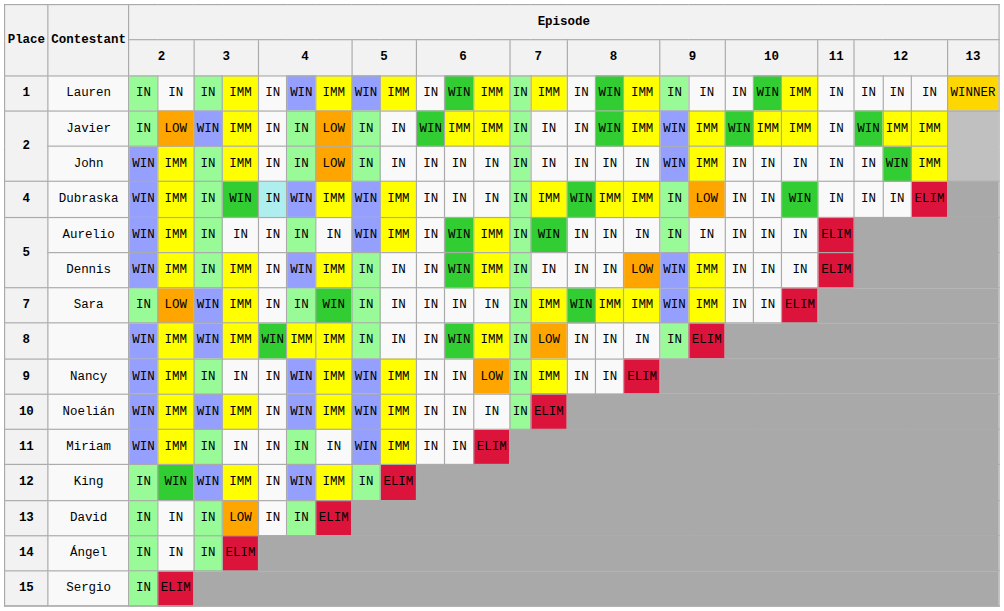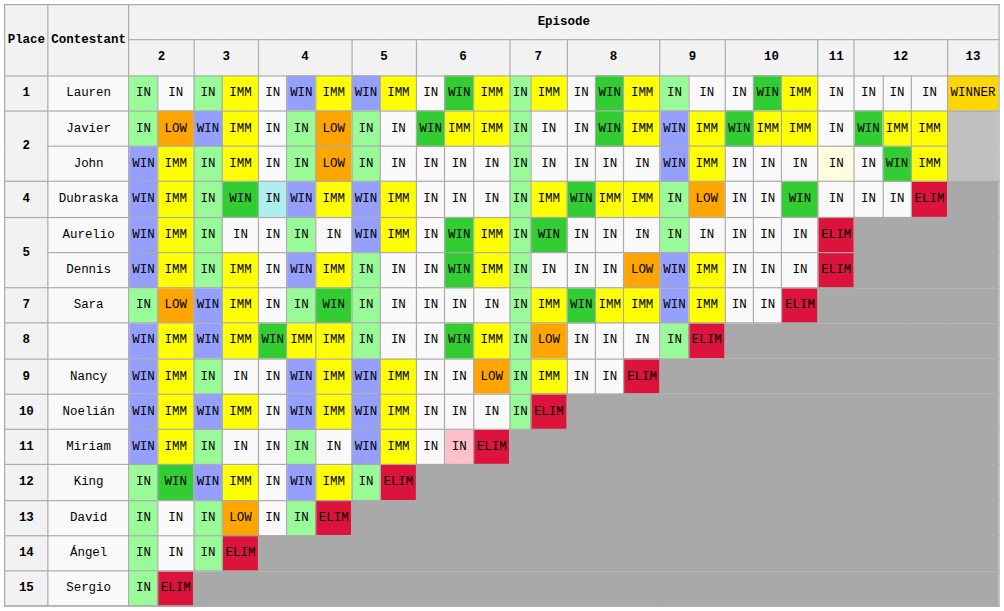 <table class="wikitable" style="text-align: center; font-size: 8pt; line-height:25px;">
 <tr>
 <th rowspan="2">Place</th>
 <th rowspan="2">Contestant</th>
 <th colspan="27">Episode</th>
 </tr>
 <tr>
 <th colspan="2">2</th>
 <th colspan="2">3</th>
 <th colspan="3">4</th>
 <th colspan="2">5</th>
 <th colspan="3">6</th>
 <th colspan="2">7</th>
 <th colspan="3">8</th>
 <th colspan="2">9</th>
 <th colspan="3">10</th>
 <th>11</th>
 <th colspan="3">12</th>
 <th>13</th>
 </tr>
 <tr>
 <th>1</th>
 <td>Lauren</td>
 <td style="background:palegreen;">IN</td>
 <td>IN</td>
 <td style="background:palegreen;">IN</td>
 <td style="background:yellow;">IMM</td>
 <td>IN</td>
 <td style="background:#959FFD;">WIN</td>
 <td style="background:yellow;">IMM</td>
 <td style="background:#959FFD;">WIN</td>
 <td style="background:yellow;">IMM</td>
 <td>IN</td>
 <td style="background:limegreen;">WIN</td>
 <td style="background:yellow;">IMM</td>
 <td style="background:palegreen;">IN</td>
 <td style="background:yellow;">IMM</td>
 <td>IN</td>
 <td style="background:limegreen;">WIN</td>
 <td style="background:yellow;">IMM</td>
 <td style="background:palegreen;">IN</td>
 <td>IN</td>
 <td>IN</td>
 <td style="background:limegreen;">WIN</td>
 <td style="background:yellow;">IMM</td>
 <td>IN</td>
 <td>IN</td>
 <td>IN</td>
 <td>IN</td>
 <td style="background:gold;">WINNER</td>
 </tr>
 <tr>
 <th rowspan="2">2</th>
 <td>Javier</td>
 <td style="background:palegreen;">IN</td>
 <td style="background:orange;">LOW</td>
 <td style="background:#959FFD;">WIN</td>
 <td style="background:yellow;">IMM</td>
 <td>IN</td>
 <td style="background:palegreen;">IN</td>
 <td style="background:orange;">LOW</td>
 <td style="background:palegreen;">IN</td>
 <td>IN</td>
 <td style="background:limegreen;">WIN</td>
 <td style="background:yellow;">IMM</td>
 <td style="background:yellow;">IMM</td>
 <td style="background:palegreen;">IN</td>
 <td>IN</td>
 <td>IN</td>
 <td style="background:limegreen;">WIN</td>
 <td style="background:yellow;">IMM</td>
 <td style="background:#959FFD;">WIN</td>
 <td style="background:yellow;">IMM</td>
 <td style="background:limegreen;">WIN</td>
 <td style="background:yellow;">IMM</td>
 <td style="background:yellow;">IMM</td>
 <td>IN</td>
 <td style="background:limegreen;">WIN</td>
 <td style="background:yellow;">IMM</td>
 <td style="background:yellow;">IMM</td>
 <td style="background:silver;" rowspan="2"></td>
 </tr>
 <tr>
 <td>John</td>
 <td style="background:#959FFD;">WIN</td>
 <td style="background:yellow;">IMM</td>
 <td style="background:palegreen;">IN</td>
 <td style="background:yellow;">IMM</td>
 <td>IN</td>
 <td style="background:palegreen;">IN</td>
 <td style="background:orange;">LOW</td>
 <td style="background:palegreen;">IN</td>
 <td>IN</td>
 <td>IN</td>
 <td>IN</td>
 <td>IN</td>
 <td style="background:palegreen;">IN</td>
 <td>IN</td>
 <td>IN</td>
 <td>IN</td>
 <td>IN</td>
 <td style="background:#959FFD;">WIN</td>
 <td style="background:yellow;">IMM</td>
 <td>IN</td>
 <td>IN</td>
 <td>IN</td>
-<td>IN</td>
+<td style="background: lightyellow;">IN</td>
 <td>IN</td>
 <td style="background:limegreen;">WIN</td>
 <td style="background:yellow;">IMM</td>
 </tr>
 <tr>
 <th>4</th>
 <td>Dubraska</td>
 <td style="background:#959FFD;">WIN</td>
 <td style="background:yellow;">IMM</td>
 <td style="background:palegreen;">IN</td>
 <td style="background:limegreen;">WIN</td>
 <td style="background: paleturquoise;">IN</td>
 <td style="background:#959FFD;">WIN</td>
 <td style="background:yellow;">IMM</td>
 <td style="background:#959FFD;">WIN</td>
 <td style="background:yellow;">IMM</td>
 <td>IN</td>
 <td>IN</td>
 <td>IN</td>
 <td style="background:palegreen;">IN</td>
 <td style="background:yellow;">IMM</td>
 <td style="background:limegreen;">WIN</td>
 <td style="background:yellow;">IMM</td>
 <td style="background:yellow;">IMM</td>
 <td style="background:palegreen;">IN</td>
 <td style="background:orange;">LOW</td>
 <td>IN</td>
 <td>IN</td>
 <td style="background:limegreen;">WIN</td>
 <td>IN</td>
 <td>IN</td>
 <td>IN</td>
 <td style="background:crimson;">ELIM</td>
 <td style="background:darkgrey;" colspan="1"></td>
 </tr>
 <tr>
 <th rowspan="2">5</th>
 <td>Aurelio</td>
 <td style="background:#959FFD;">WIN</td>
 <td style="background:yellow;">IMM</td>
 <td style="background:palegreen;">IN</td>
 <td>IN</td>
 <td>IN</td>
 <td style="background:palegreen;">IN</td>
 <td>IN</td>
 <td style="background:#959FFD;">WIN</td>
 <td style="background:yellow;">IMM</td>
 <td>IN</td>
 <td style="background:limegreen;">WIN</td>
 <td style="background:yellow;">IMM</td>
 <td style="background:palegreen;">IN</td>
 <td style="background:limegreen;">WIN</td>
 <td>IN</td>
 <td>IN</td>
 <td>IN</td>
 <td style="background:palegreen;">IN</td>
 <td>IN</td>
 <td>IN</td>
 <td>IN</td>
 <td>IN</td>
 <td style="background:crimson;">ELIM</td>
 <td style="background:darkgrey;" colspan="4"></td>
 </tr>
 <tr>
 <td>Dennis</td>
 <td style="background:#959FFD;">WIN</td>
 <td style="background:yellow;">IMM</td>
 <td style="background:palegreen;">IN</td>
 <td style="background:yellow;">IMM</td>
 <td>IN</td>
 <td style="background:#959FFD;">WIN</td>
 <td style="background:yellow;">IMM</td>
 <td style="background:palegreen;">IN</td>
 <td>IN</td>
 <td>IN</td>
 <td style="background:limegreen;">WIN</td>
 <td style="background:yellow;">IMM</td>
 <td style="background:palegreen;">IN</td>
 <td>IN</td>
 <td>IN</td>
 <td>IN</td>
 <td style="background:orange;">LOW</td>
 <td style="background:#959FFD;">WIN</td>
 <td style="background:yellow;">IMM</td>
 <td>IN</td>
 <td>IN</td>
 <td>IN</td>
 <td style="background:crimson;">ELIM</td>
 <td style="background:darkgrey;" colspan="4"></td>
 </tr>
 <tr>
 <th>7</th>
 <td>Sara</td>
 <td style="background:palegreen;">IN</td>
 <td style="background:orange;">LOW</td>
 <td style="background:#959FFD;">WIN</td>
 <td style="background:yellow;">IMM</td>
 <td>IN</td>
 <td style="background:palegreen;">IN</td>
 <td style="background:limegreen;">WIN</td>
 <td style="background:palegreen;">IN</td>
 <td>IN</td>
 <td>IN</td>
 <td>IN</td>
 <td>IN</td>
 <td style="background:palegreen;">IN</td>
 <td style="background:yellow;">IMM</td>
 <td style="background:limegreen;">WIN</td>
 <td style="background:yellow;">IMM</td>
 <td style="background:yellow;">IMM</td>
 <td style="background:#959FFD;">WIN</td>
 <td style="background:yellow;">IMM</td>
 <td>IN</td>
 <td>IN</td>
 <td style="background:crimson;">ELIM</td>
 <td style="background:darkgrey;" colspan="5"></td>
 </tr>
 <tr>
 <th>8</th>
 <td></td>
 <td style="background:#959FFD;">WIN</td>
 <td style="background:yellow;">IMM</td>
 <td style="background:#959FFD;">WIN</td>
 <td style="background:yellow;">IMM</td>
 <td style="background:limegreen;">WIN</td>
 <td style="background:yellow;">IMM</td>
 <td style="background:yellow;">IMM</td>
 <td style="background:palegreen;">IN</td>
 <td>IN</td>
 <td>IN</td>
 <td style="background:limegreen;">WIN</td>
 <td style="background:yellow;">IMM</td>
 <td style="background:palegreen;">IN</td>
 <td style="background:orange;">LOW</td>
 <td>IN</td>
 <td>IN</td>
 <td>IN</td>
 <td style="background:palegreen;">IN</td>
 <td style="background:crimson;">ELIM</td>
 <td style="background:darkgrey;" colspan="8"></td>
 </tr>
 <tr>
 <th>9</th>
 <td>Nancy</td>
 <td style="background:#959FFD;">WIN</td>
 <td style="background:yellow;">IMM</td>
 <td style="background:palegreen;">IN</td>
 <td>IN</td>
 <td>IN</td>
 <td style="background:#959FFD;">WIN</td>
 <td style="background:yellow;">IMM</td>
 <td style="background:#959FFD;">WIN</td>
 <td style="background:yellow;">IMM</td>
 <td>IN</td>
 <td>IN</td>
 <td style="background:orange;">LOW</td>
 <td style="background:palegreen;">IN</td>
 <td style="background:yellow;">IMM</td>
 <td>IN</td>
 <td>IN</td>
 <td style="background:crimson;">ELIM</td>
 <td style="background:darkgrey;" colspan="10"></td>
 </tr>
 <tr>
 <th>10</th>
 <td>Noelián</td>
 <td style="background:#959FFD;">WIN</td>
 <td style="background:yellow;">IMM</td>
 <td style="background:#959FFD;">WIN</td>
 <td style="background:yellow;">IMM</td>
 <td>IN</td>
 <td style="background:#959FFD;">WIN</td>
 <td style="background:yellow;">IMM</td>
 <td style="background:#959FFD;">WIN</td>
 <td style="background:yellow;">IMM</td>
 <td>IN</td>
 <td>IN</td>
 <td>IN</td>
 <td style="background:palegreen;">IN</td>
 <td style="background:crimson;">ELIM</td>
 <td style="background:darkgrey;" colspan="13"></td>
 </tr>
 <tr>
 <th>11</th>
 <td>Miriam</td>
 <td style="background:#959FFD;">WIN</td>
 <td style="background:yellow;">IMM</td>
 <td style="background:palegreen;">IN</td>
 <td>IN</td>
 <td>IN</td>
 <td style="background:palegreen;">IN</td>
 <td>IN</td>
 <td style="background:#959FFD;">WIN</td>
 <td style="background:yellow;">IMM</td>
 <td>IN</td>
-<td>IN</td>
+<td style="background: pink;">IN</td>
 <td style="background:crimson;">ELIM</td>
 <td style="background:darkgrey;" colspan="15"></td>
 </tr>
 <tr>
 <th>12</th>
 <td>King</td>
 <td style="background:palegreen;">IN</td>
 <td style="background:limegreen;">WIN</td>
 <td style="background:#959FFD;">WIN</td>
 <td style="background:yellow;">IMM</td>
 <td>IN</td>
 <td style="background:#959FFD;">WIN</td>
 <td style="background:yellow;">IMM</td>
 <td style="background:palegreen;">IN</td>
 <td style="background:crimson;">ELIM</td>
 <td style="background:darkgrey;" colspan="18"></td>
 </tr>
 <tr>
 <th>13</th>
 <td>David</td>
 <td style="background:palegreen;">IN</td>
 <td>IN</td>
 <td style="background:palegreen;">IN</td>
 <td style="background:orange;">LOW</td>
 <td>IN</td>
 <td style="background:palegreen;">IN</td>
 <td style="background:crimson;">ELIM</td>
 <td style="background:darkgrey;" colspan="20"></td>
 </tr>
 <tr>
 <th>14</th>
 <td>Ángel</td>
 <td style="background:palegreen;">IN</td>
 <td>IN</td>
 <td style="background:palegreen;">IN</td>
 <td style="background:crimson;">ELIM</td>
 <td style="background:darkgrey;" colspan="23"></td>
 </tr>
 <tr>
 <th>15</th>
 <td>Sergio</td>
 <td style="background:palegreen;">IN</td>
 <td style="background:crimson;">ELIM</td>
 <td style="background:darkgrey;" colspan="25"></td>
 </tr>
 <tr>
 </tr>
 </table>
